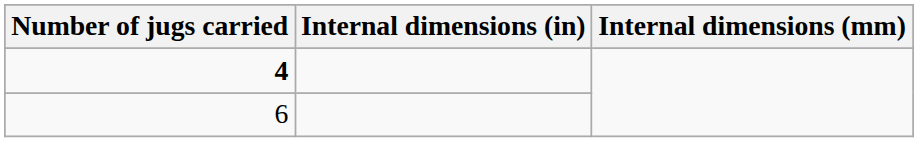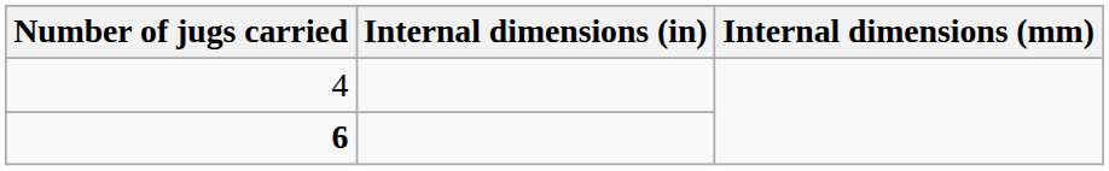 <table class="wikitable" style=text-align:right;>
 <tr>
 <th>Number of jugs carried</th>
 <th>Internal dimensions (in)</th>
 <th>Internal dimensions (mm)</th>
 </tr>
 <tr>
-<td><strong>4</strong></td>
+<td>4</td>
 <td></td>
 </tr>
 <tr>
-<td>6</td>
+<td><strong>6</strong></td>
 <td></td>
 </tr>
 </table>
